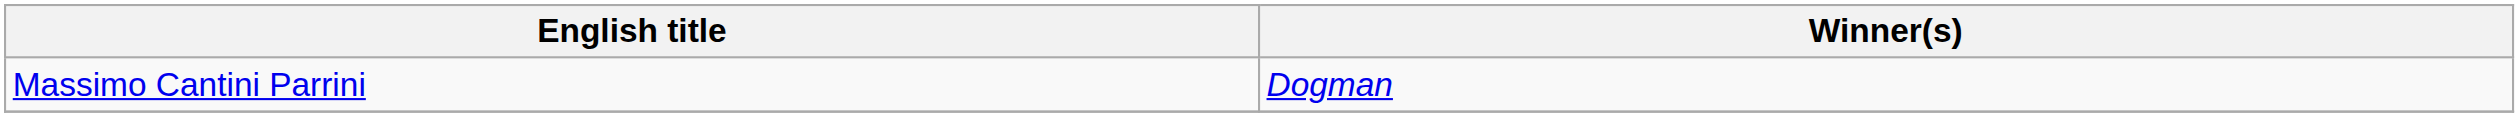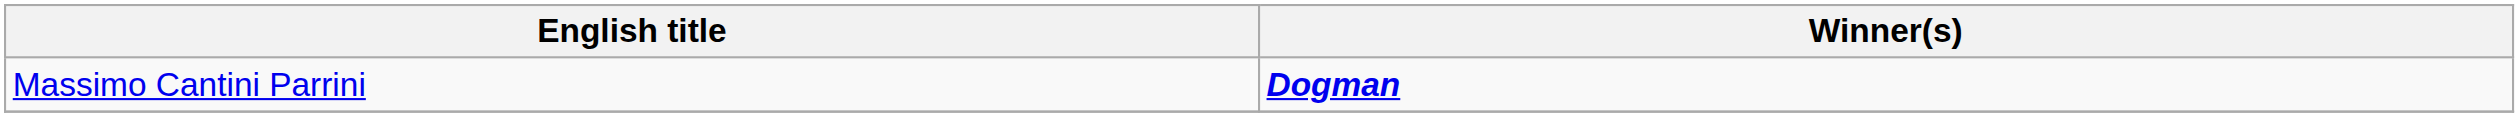 <table class="wikitable" width="95%" cellpadding="5">
 <tr>
 <th width="18%">English title</th>
 <th width="18%">Winner(s)</th>
 </tr>
 <tr>
 <td><a href='#'>Massimo Cantini Parrini</a></td>
-<td><em><a href='#'>Dogman</a></em></td>
+<td><strong><em><a href='#'>Dogman</a></em></strong></td>
 </tr>
 <tr>
 </tr>
 </table>
